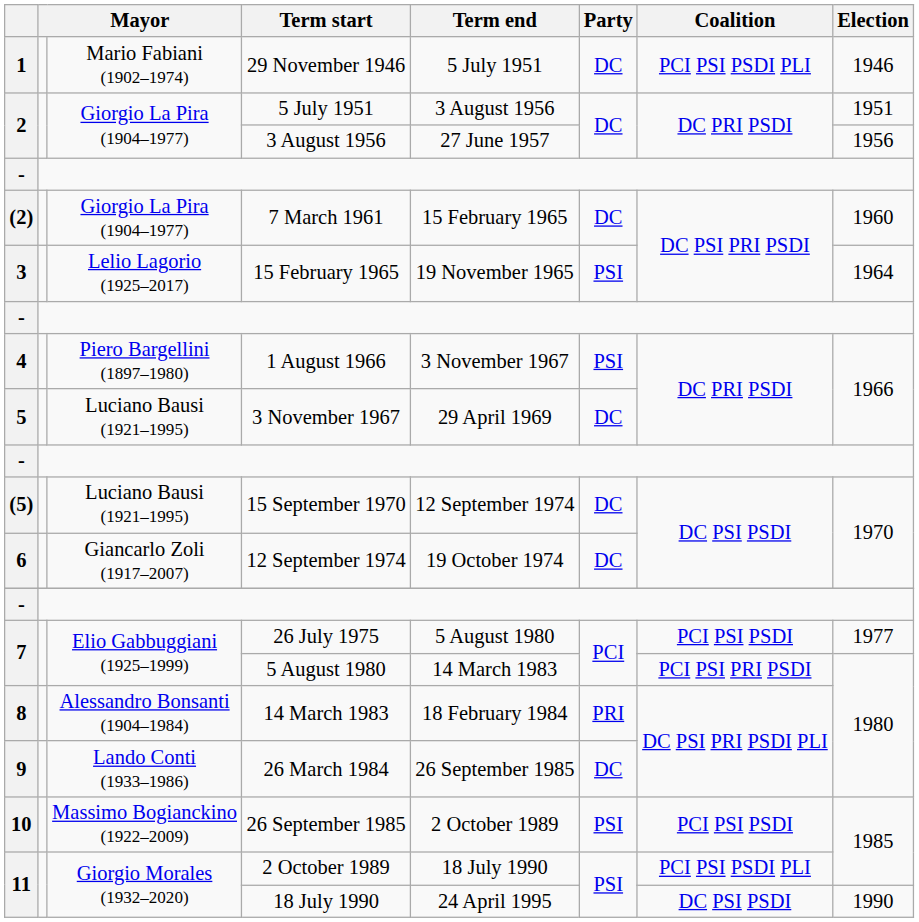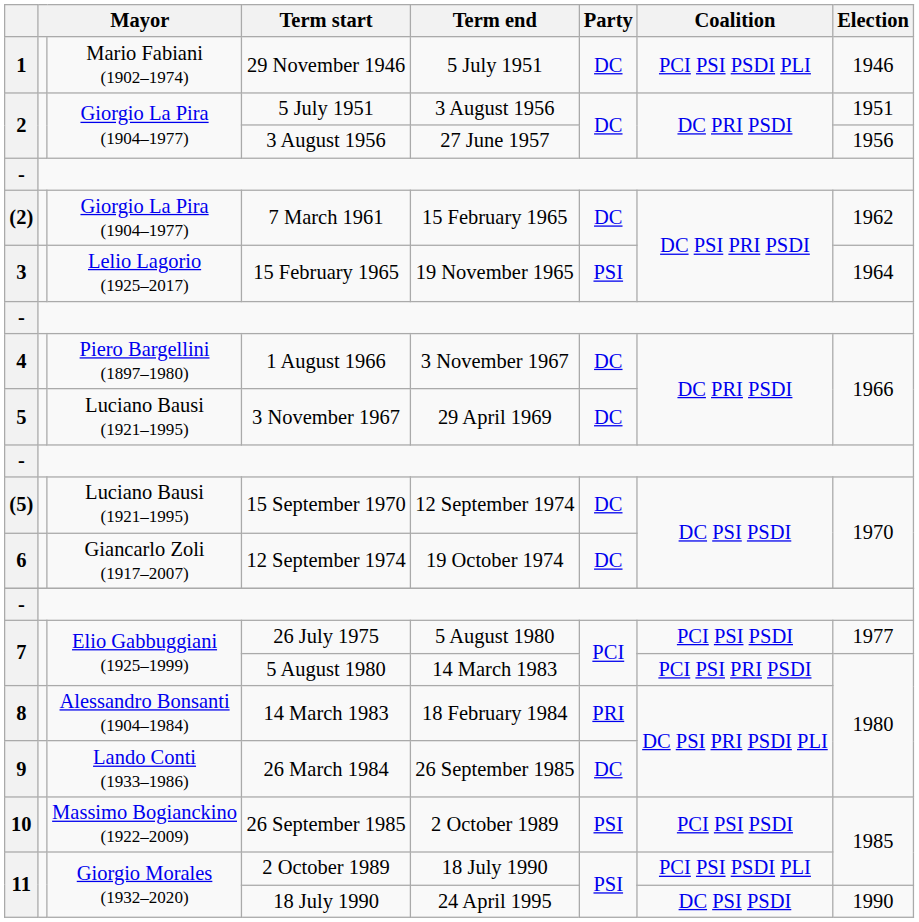 <table class="wikitable" style="text-align: center;">
 <tr>
 <th class=unsortable> </th>
 <th colspan="2">Mayor</th>
 <th>Term start</th>
 <th>Term end</th>
 <th>Party</th>
 <th>Coalition</th>
 <th>Election</th>
 </tr>
 <tr>
 <th style="background:">1</th>
 <td></td>
 <td>Mario Fabiani<br><small>(1902–1974)</small></td>
 <td>29 November 1946</td>
 <td>5 July 1951</td>
 <td><a href='#'>DC</a></td>
 <td><a href='#'>PCI</a>  <a href='#'>PSI</a>  <a href='#'>PSDI</a>  <a href='#'>PLI</a></td>
 <td>1946</td>
 </tr>
 <tr>
 <th rowspan=2 style="background:">2</th>
 <td rowspan=2></td>
 <td rowspan=2><a href='#'>Giorgio La Pira</a><br><small>(1904–1977)</small></td>
 <td>5 July 1951</td>
 <td>3 August 1956</td>
 <td rowspan=2><a href='#'>DC</a></td>
 <td rowspan=2><a href='#'>DC</a>  <a href='#'>PRI</a>  <a href='#'>PSDI</a></td>
 <td>1951</td>
 </tr>
 <tr>
 <td>3 August 1956</td>
 <td>27 June 1957</td>
 <td>1956</td>
 </tr>
 <tr>
 <th style="background:; color:black">-</th>
 <td colspan="7"></td>
 </tr>
 <tr>
 <th style="background:">(2)</th>
 <td></td>
 <td><a href='#'>Giorgio La Pira</a><br><small>(1904–1977)</small></td>
 <td>7 March 1961</td>
 <td>15 February 1965</td>
 <td><a href='#'>DC</a></td>
 <td rowspan=2><a href='#'>DC</a>  <a href='#'>PSI</a>  <a href='#'>PRI</a>  <a href='#'>PSDI</a></td>
-<td>1960</td>
+<td>1962</td>
 </tr>
 <tr>
 <th style="background:">3</th>
 <td></td>
 <td><a href='#'>Lelio Lagorio</a><br><small>(1925–2017)</small></td>
 <td>15 February 1965</td>
 <td>19 November 1965</td>
 <td><a href='#'>PSI</a></td>
 <td>1964</td>
 </tr>
 <tr>
 <th style="background:; color:black">-</th>
 <td colspan="7"></td>
 </tr>
 <tr>
 <th style="background:">4</th>
 <td></td>
 <td><a href='#'>Piero Bargellini</a><br><small>(1897–1980)</small></td>
 <td>1 August 1966</td>
 <td>3 November 1967</td>
-<td><a href='#'>PSI</a></td>
+<td><a href='#'>DC</a></td>
 <td rowspan=2><a href='#'>DC</a>  <a href='#'>PRI</a>  <a href='#'>PSDI</a></td>
 <td rowspan=2>1966</td>
 </tr>
 <tr>
 <th style="background:">5</th>
 <td></td>
 <td>Luciano Bausi<br><small>(1921–1995)</small></td>
 <td>3 November 1967</td>
 <td>29 April 1969</td>
 <td><a href='#'>DC</a></td>
 </tr>
 <tr>
 <th style="background:; color:black">-</th>
 <td colspan="7"></td>
 </tr>
 <tr>
 <th style="background:">(5)</th>
 <td></td>
 <td>Luciano Bausi<br><small>(1921–1995)</small></td>
 <td>15 September 1970</td>
 <td>12 September 1974</td>
 <td><a href='#'>DC</a></td>
 <td rowspan=2><a href='#'>DC</a>  <a href='#'>PSI</a>  <a href='#'>PSDI</a></td>
 <td rowspan=2>1970</td>
 </tr>
 <tr>
 <th style="background:">6</th>
 <td></td>
 <td>Giancarlo Zoli<br><small>(1917–2007)</small></td>
 <td>12 September 1974</td>
 <td>19 October 1974</td>
 <td><a href='#'>DC</a></td>
 </tr>
 <tr>
 </tr>
 <tr>
 <th style="background:; color:black">-</th>
 <td colspan="7"></td>
 </tr>
 <tr>
 <th rowspan=2 style="background:">7</th>
 <td rowspan=2></td>
 <td rowspan=2><a href='#'>Elio Gabbuggiani</a><br><small>(1925–1999)</small></td>
 <td>26 July 1975</td>
 <td>5 August 1980</td>
 <td rowspan=2><a href='#'>PCI</a></td>
 <td><a href='#'>PCI</a>  <a href='#'>PSI</a>  <a href='#'>PSDI</a></td>
 <td>1977</td>
 </tr>
 <tr>
 <td>5 August 1980</td>
 <td>14 March 1983</td>
 <td><a href='#'>PCI</a>  <a href='#'>PSI</a>  <a href='#'>PRI</a>  <a href='#'>PSDI</a></td>
 <td rowspan=3>1980</td>
 </tr>
 <tr>
 <th style="background:">8</th>
 <td></td>
 <td><a href='#'>Alessandro Bonsanti</a><br><small>(1904–1984)</small></td>
 <td>14 March 1983</td>
 <td>18 February 1984</td>
 <td><a href='#'>PRI</a></td>
 <td rowspan=2><a href='#'>DC</a>  <a href='#'>PSI</a>  <a href='#'>PRI</a>  <a href='#'>PSDI</a>  <a href='#'>PLI</a></td>
 </tr>
 <tr>
 <th style="background:">9</th>
 <td></td>
 <td><a href='#'>Lando Conti</a><br><small>(1933–1986)</small></td>
 <td>26 March 1984</td>
 <td>26 September 1985</td>
 <td><a href='#'>DC</a></td>
 </tr>
 <tr>
 <th style="background:">10</th>
 <td></td>
 <td><a href='#'>Massimo Bogianckino</a><br><small>(1922–2009)</small></td>
 <td>26 September 1985</td>
 <td>2 October 1989</td>
 <td><a href='#'>PSI</a></td>
 <td><a href='#'>PCI</a>  <a href='#'>PSI</a>  <a href='#'>PSDI</a></td>
 <td rowspan=2>1985</td>
 </tr>
 <tr>
 <th rowspan=2 style="background:">11</th>
 <td rowspan=2></td>
 <td rowspan=2><a href='#'>Giorgio Morales</a><br><small>(1932–2020)</small></td>
 <td>2 October 1989</td>
 <td>18 July 1990</td>
 <td rowspan=2><a href='#'>PSI</a></td>
 <td><a href='#'>PCI</a>  <a href='#'>PSI</a>  <a href='#'>PSDI</a>  <a href='#'>PLI</a></td>
 </tr>
 <tr>
 <td>18 July 1990</td>
 <td>24 April 1995</td>
 <td><a href='#'>DC</a>  <a href='#'>PSI</a>  <a href='#'>PSDI</a></td>
 <td>1990</td>
 </tr>
 </table>
